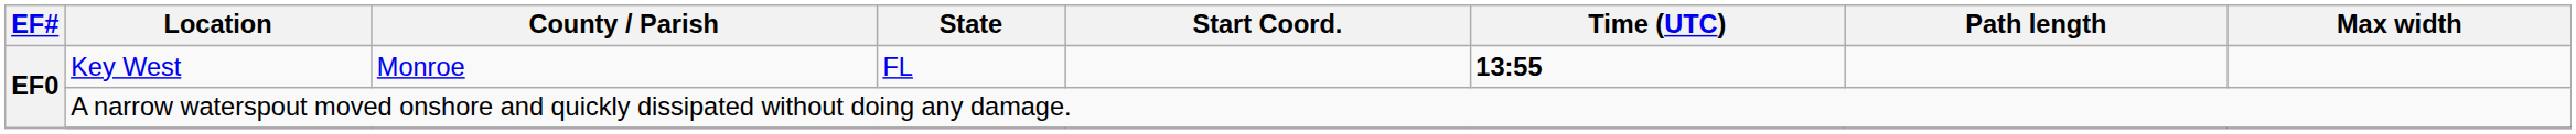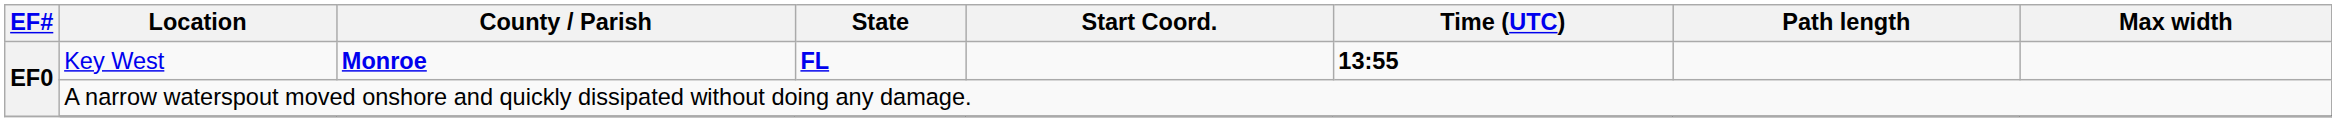 <table class="wikitable sortable" style="width:100%;">
 <tr>
 <th scope="col" width="2%" align="center"><a href='#'>EF#</a></th>
 <th scope="col" align="center" class="unsortable">Location</th>
 <th scope="col" align="center" class="unsortable">County / Parish</th>
 <th scope="col" align="center">State</th>
 <th scope="col" align="center">Start Coord.</th>
 <th scope="col" align="center">Time (<a href='#'>UTC</a>)</th>
 <th scope="col" align="center">Path length</th>
 <th scope="col" align="center">Max width</th>
 </tr>
 <tr>
 <th scope="row" rowspan="2" style="background-color:#">EF0</th>
 <td><a href='#'>Key West</a></td>
-<td><a href='#'>Monroe</a></td>
-<td><a href='#'>FL</a></td>
+<td><strong><a href='#'>Monroe</a></strong></td>
+<td><strong><a href='#'>FL</a></strong></td>
 <td></td>
 <td><strong>13:55</strong></td>
 <td></td>
 <td></td>
 </tr>
 <tr class="expand-child">
 <td colspan="8" style=" border-bottom: 1px solid black;">A narrow waterspout moved onshore and quickly dissipated without doing any damage.</td>
 </tr>
 <tr>
 </tr>
 </table>
